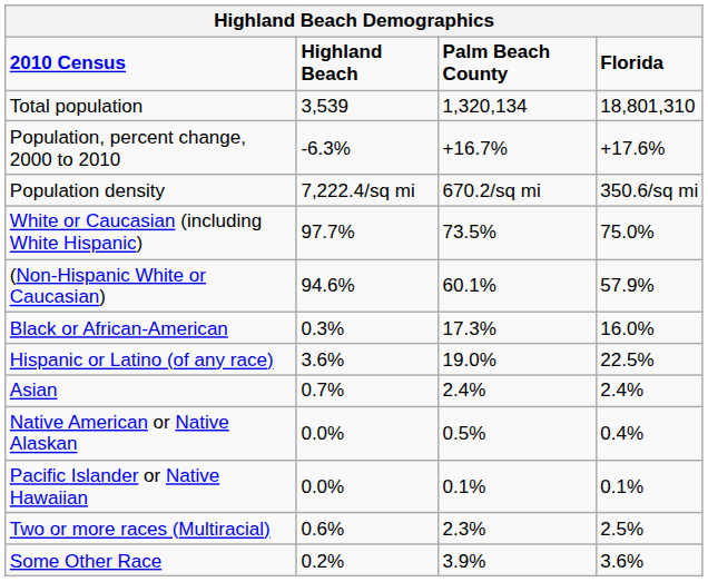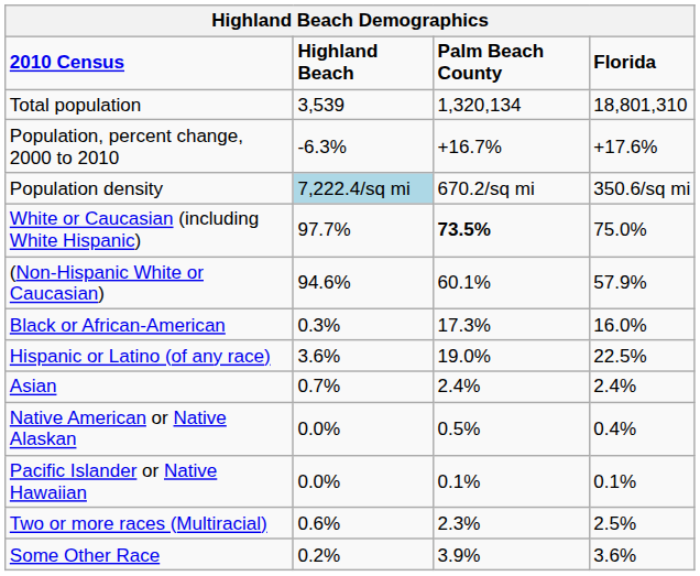 <table class="wikitable" style="float: left; margin-right: 2em; width: 35%; font-size: 75%;">
 <tr>
 <th colspan=4><strong>Highland Beach Demographics</strong></th>
 </tr>
 <tr>
 <td><strong><a href='#'>2010 Census</a></strong></td>
 <td><strong>Highland Beach</strong></td>
 <td><strong>Palm Beach County</strong></td>
 <td><strong>Florida</strong></td>
 </tr>
 <tr>
 <td>Total population</td>
 <td>3,539</td>
 <td>1,320,134</td>
 <td>18,801,310</td>
 </tr>
 <tr>
 <td>Population, percent change, 2000 to 2010</td>
 <td>-6.3%</td>
 <td>+16.7%</td>
 <td>+17.6%</td>
 </tr>
 <tr>
 <td>Population density</td>
-<td>7,222.4/sq mi</td>
+<td style="background: lightblue;">7,222.4/sq mi</td>
 <td>670.2/sq mi</td>
 <td>350.6/sq mi</td>
 </tr>
 <tr>
 <td><a href='#'>White or Caucasian</a> (including <a href='#'>White Hispanic</a>)</td>
 <td>97.7%</td>
-<td>73.5%</td>
+<td><strong>73.5%</strong></td>
 <td>75.0%</td>
 </tr>
 <tr>
 <td>(<a href='#'>Non-Hispanic White or Caucasian</a>)</td>
 <td>94.6%</td>
 <td>60.1%</td>
 <td>57.9%</td>
 </tr>
 <tr>
 <td><a href='#'>Black or African-American</a></td>
 <td>0.3%</td>
 <td>17.3%</td>
 <td>16.0%</td>
 </tr>
 <tr>
 <td><a href='#'>Hispanic or Latino (of any race)</a></td>
 <td>3.6%</td>
 <td>19.0%</td>
 <td>22.5%</td>
 </tr>
 <tr>
 <td><a href='#'>Asian</a></td>
 <td>0.7%</td>
 <td>2.4%</td>
 <td>2.4%</td>
 </tr>
 <tr>
 <td><a href='#'>Native American</a> or <a href='#'>Native Alaskan</a></td>
 <td>0.0%</td>
 <td>0.5%</td>
 <td>0.4%</td>
 </tr>
 <tr>
 <td><a href='#'>Pacific Islander</a> or <a href='#'>Native Hawaiian</a></td>
 <td>0.0%</td>
 <td>0.1%</td>
 <td>0.1%</td>
 </tr>
 <tr>
 <td><a href='#'>Two or more races (Multiracial)</a></td>
 <td>0.6%</td>
 <td>2.3%</td>
 <td>2.5%</td>
 </tr>
 <tr>
 <td><a href='#'>Some Other Race</a></td>
 <td>0.2%</td>
 <td>3.9%</td>
 <td>3.6%</td>
 </tr>
 </table>
